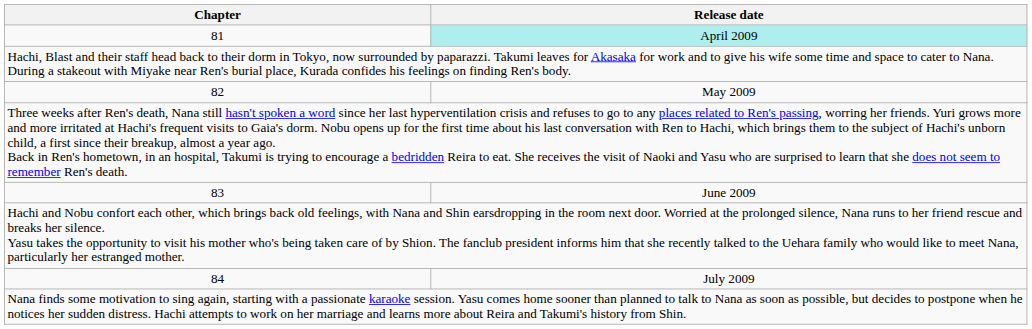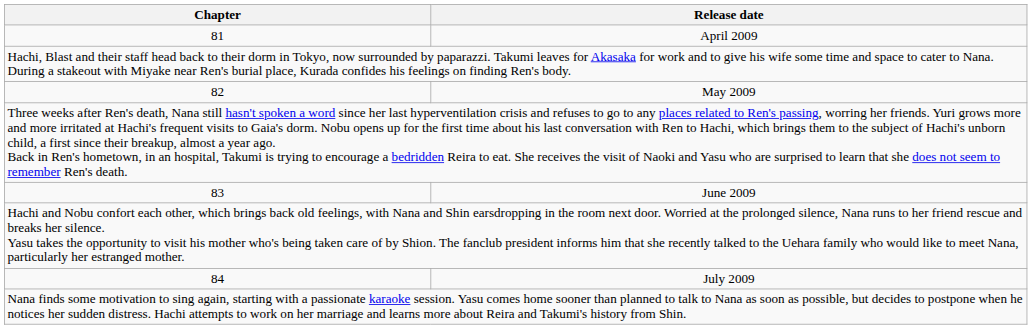 <table class="wikitable">
 <tr>
 <th>Chapter</th>
 <th>Release date</th>
 </tr>
 <tr>
 <td style="text-align: center;">81</td>
-<td style="background: paleturquoise; text-align: center;">April 2009</td>
+<td style="text-align: center;">April 2009</td>
 </tr>
 <tr>
 <td colspan="2">Hachi, Blast and their staff head back to their dorm in Tokyo, now surrounded by paparazzi. Takumi leaves for <a href='#'>Akasaka</a> for work and to give his wife some time and space to cater to Nana. During a stakeout with Miyake near Ren's burial place, Kurada confides his feelings on finding Ren's body.</td>
 </tr>
 <tr>
 <td style="text-align: center;">82</td>
 <td style="text-align: center;">May 2009</td>
 </tr>
 <tr>
 <td colspan="2">Three weeks after Ren's death, Nana still <a href='#'>hasn't spoken a word</a> since her last hyperventilation crisis and refuses to go to any <a href='#'>places related to Ren's passing</a>, worring her friends. Yuri grows more and more irritated at Hachi's frequent visits to Gaia's dorm. Nobu opens up for the first time about his last conversation with Ren to Hachi, which brings them to the subject of Hachi's unborn child, a first since their breakup, almost a year ago.<br>Back in Ren's hometown, in an hospital, Takumi is trying to encourage a <a href='#'>bedridden</a> Reira to eat. She receives the visit of Naoki and Yasu who are surprised to learn that she <a href='#'>does not seem to remember</a> Ren's death.</td>
 </tr>
 <tr>
 <td style="text-align: center;">83</td>
 <td style="text-align: center;">June 2009</td>
 </tr>
 <tr>
 <td colspan="2">Hachi and Nobu confort each other, which brings back old feelings, with Nana and Shin earsdropping in the room next door. Worried at the prolonged silence, Nana runs to her friend rescue and breaks her silence.<br>Yasu takes the opportunity to visit his mother who's being taken care of by Shion. The fanclub president informs him that she recently talked to the Uehara family who would like to meet Nana, particularly her estranged mother.</td>
 </tr>
 <tr>
 <td style="text-align: center;">84</td>
 <td style="text-align: center;">July 2009</td>
 </tr>
 <tr>
 <td colspan="2">Nana finds some motivation to sing again, starting with a passionate <a href='#'>karaoke</a> session. Yasu comes home sooner than planned to talk to Nana as soon as possible, but decides to postpone when he notices her sudden distress. Hachi attempts to work on her marriage and learns more about Reira and Takumi's history from Shin.</td>
 </tr>
 </table>
